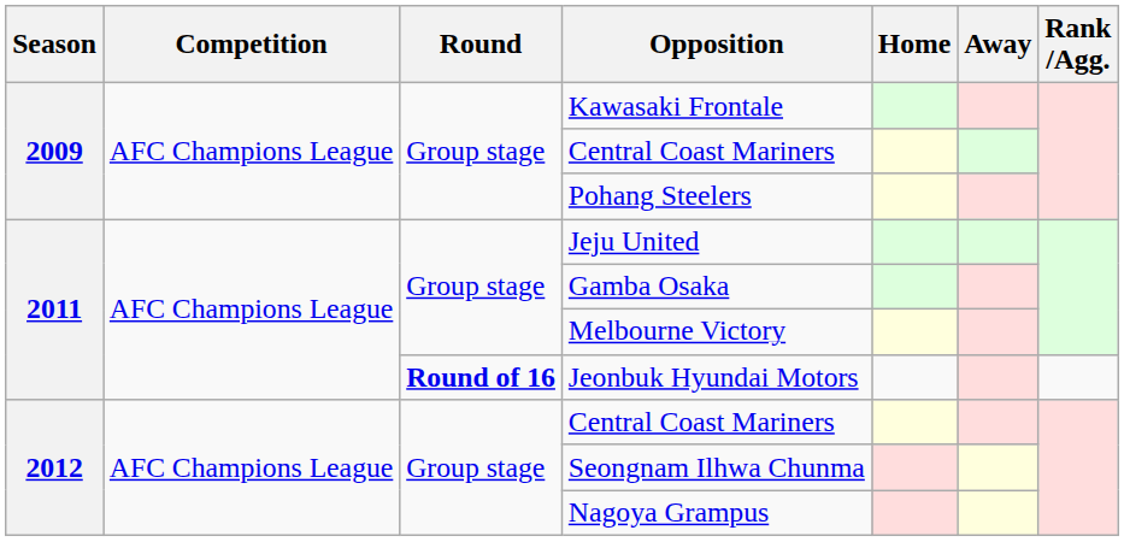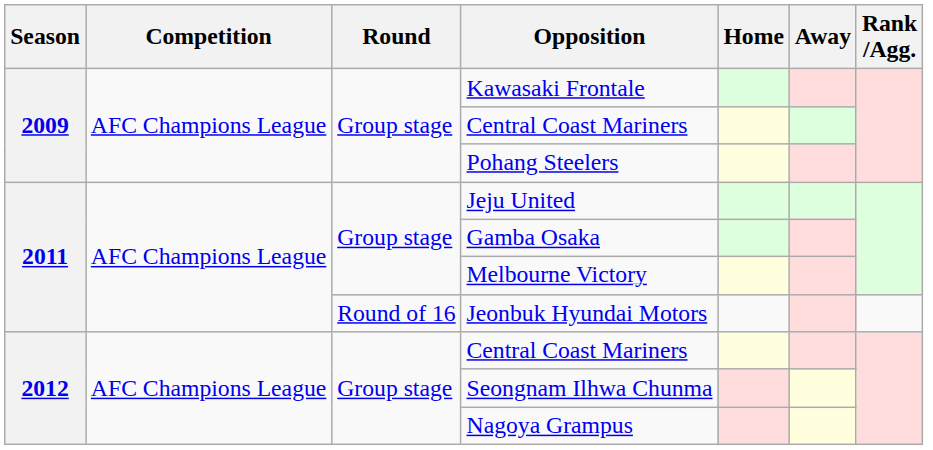 <table class="wikitable plainrowheaders">
 <tr>
 <th scope="col">Season</th>
 <th scope="col">Competition</th>
 <th scope="col">Round</th>
 <th scope="col">Opposition</th>
 <th scope="col">Home</th>
 <th scope="col">Away</th>
 <th scope="col">Rank<br>/Agg.</th>
 </tr>
 <tr>
 <th rowspan="3" scope="row" style="text-align:center"><a href='#'>2009</a></th>
 <td rowspan="3"><a href='#'>AFC Champions League</a></td>
 <td rowspan="3"><a href='#'>Group stage</a></td>
 <td> <a href='#'>Kawasaki Frontale</a></td>
 <td style="background:#dfd;"></td>
 <td style="background:#fdd;"></td>
 <td rowspan="3" style="background:#fdd;"></td>
 </tr>
 <tr>
 <td> <a href='#'>Central Coast Mariners</a></td>
 <td style="background:#ffd;"></td>
 <td style="background:#dfd;"></td>
 </tr>
 <tr>
 <td> <a href='#'>Pohang Steelers</a></td>
 <td style="background:#ffd;"></td>
 <td style="background:#fdd;"></td>
 </tr>
 <tr>
 <th rowspan="4" scope="row" style="text-align:center"><a href='#'>2011</a></th>
 <td rowspan="4"><a href='#'>AFC Champions League</a></td>
 <td rowspan="3"><a href='#'>Group stage</a></td>
 <td> <a href='#'>Jeju United</a></td>
 <td style="background:#dfd;"></td>
 <td style="background:#dfd;"></td>
 <td rowspan="3" style="background:#dfd;"></td>
 </tr>
 <tr>
 <td> <a href='#'>Gamba Osaka</a></td>
 <td style="background:#dfd;"></td>
 <td style="background:#fdd;"></td>
 </tr>
 <tr>
 <td> <a href='#'>Melbourne Victory</a></td>
 <td style="background:#ffd;"></td>
 <td style="background:#fdd;"></td>
 </tr>
 <tr>
-<td><strong><a href='#'>Round of 16</a></strong></td>
+<td><a href='#'>Round of 16</a></td>
 <td> <a href='#'>Jeonbuk Hyundai Motors</a></td>
 <td></td>
 <td style="background:#fdd;"></td>
 <td></td>
 </tr>
 <tr>
 <th rowspan="3" scope="row" style="text-align:center"><a href='#'>2012</a></th>
 <td rowspan="3"><a href='#'>AFC Champions League</a></td>
 <td rowspan="3"><a href='#'>Group stage</a></td>
 <td> <a href='#'>Central Coast Mariners</a></td>
 <td style="background:#ffd;"></td>
 <td style="background:#fdd;"></td>
 <td rowspan="3" style="background:#fdd;"></td>
 </tr>
 <tr>
 <td> <a href='#'>Seongnam Ilhwa Chunma</a></td>
 <td style="background:#fdd;"></td>
 <td style="background:#ffd;"></td>
 </tr>
 <tr>
 <td> <a href='#'>Nagoya Grampus</a></td>
 <td style="background:#fdd;"></td>
 <td style="background:#ffd;"></td>
 </tr>
 </table>
